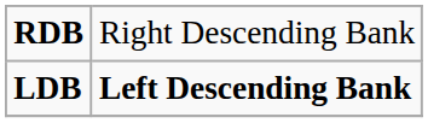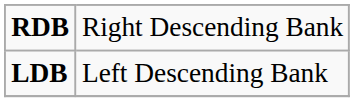 <table class="wikitable" style="font-size:90%;">
 <tr>
 <td><strong>RDB</strong></td>
 <td>Right Descending Bank</td>
 </tr>
 <tr>
 <td><strong>LDB</strong></td>
-<td><strong>Left Descending Bank</strong></td>
+<td>Left Descending Bank</td>
 </tr>
 <tr>
 </tr>
 </table>
